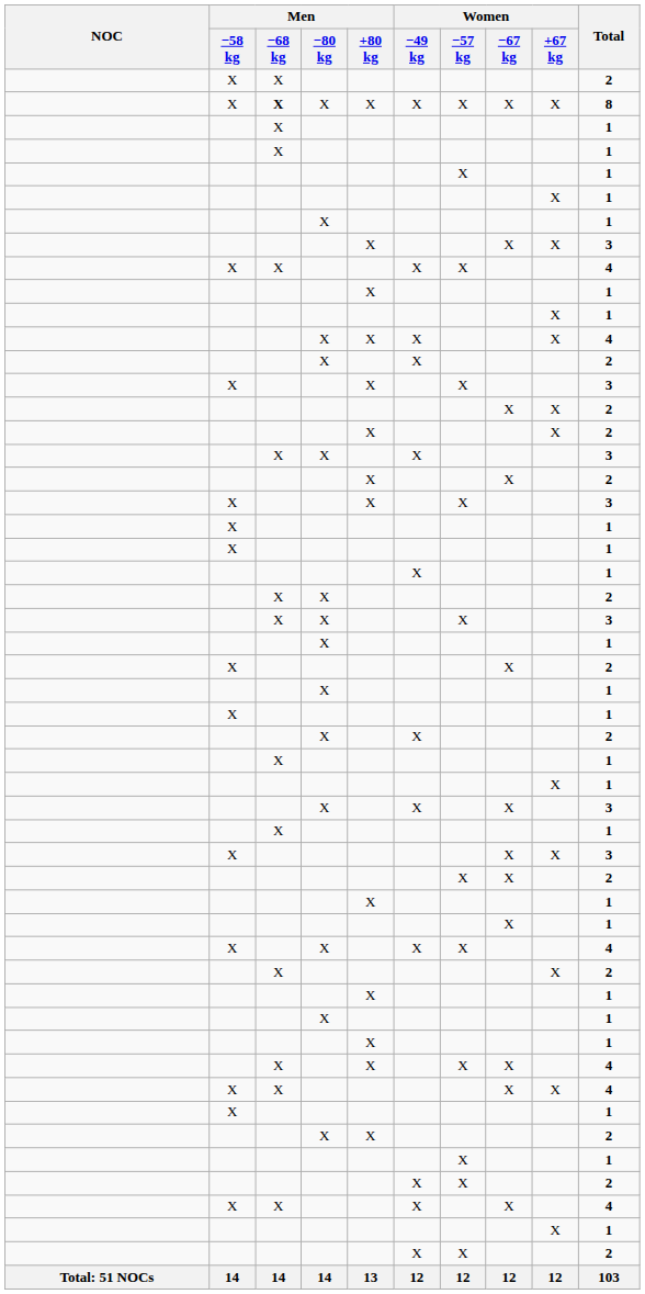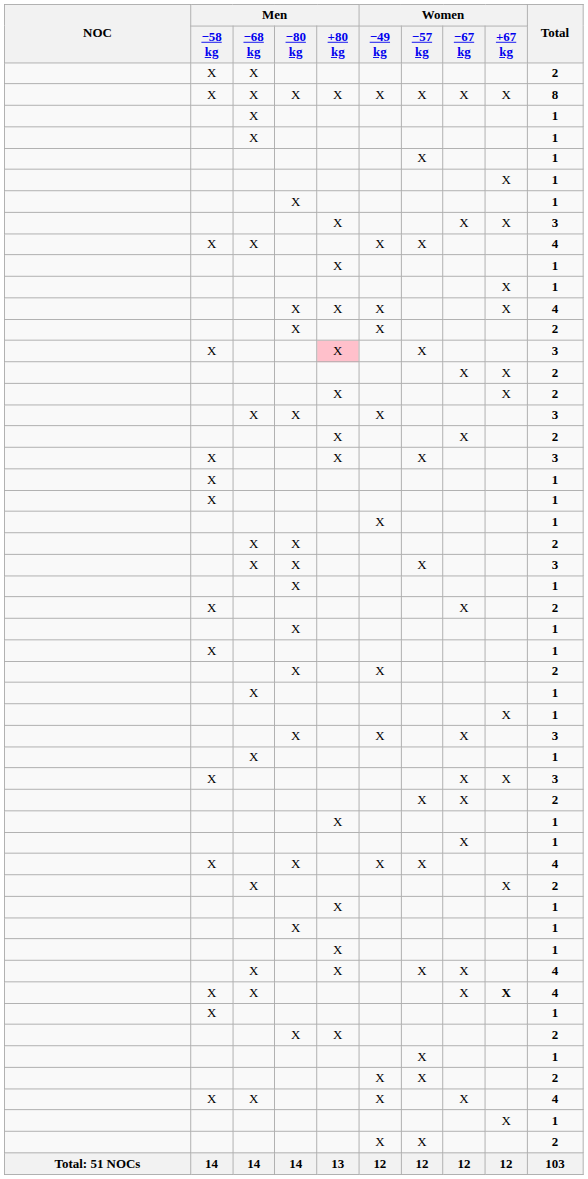 <table class="wikitable" style="text-align:center; font-size:90%">
 <tr>
 <th rowspan="2" width=200 align="left">NOC</th>
 <th colspan=4>Men</th>
 <th colspan=4>Women</th>
 <th width=55 rowspan="2">Total</th>
 </tr>
 <tr>
 <th width=40><a href='#'>−58 kg</a></th>
 <th width=40><a href='#'>−68 kg</a></th>
 <th width=40><a href='#'>−80 kg</a></th>
 <th width=40><a href='#'>+80 kg</a></th>
 <th width=40><a href='#'>−49 kg</a></th>
 <th width=40><a href='#'>−57 kg</a></th>
 <th width=40><a href='#'>−67 kg</a></th>
 <th width=40><a href='#'>+67 kg</a></th>
 </tr>
 <tr>
 <td align=left></td>
 <td>X</td>
 <td>X</td>
 <td></td>
 <td></td>
 <td></td>
 <td></td>
 <td></td>
 <td></td>
 <td><strong>2</strong></td>
 </tr>
 <tr>
 <td align=left></td>
 <td>X</td>
-<td><strong>X</strong></td>
+<td>X</td>
 <td>X</td>
 <td>X</td>
 <td>X</td>
 <td>X</td>
 <td>X</td>
 <td>X</td>
 <td><strong>8</strong></td>
 </tr>
 <tr>
 <td align=left></td>
 <td></td>
 <td>X</td>
 <td></td>
 <td></td>
 <td></td>
 <td></td>
 <td></td>
 <td></td>
 <td><strong>1</strong></td>
 </tr>
 <tr>
 <td align=left></td>
 <td></td>
 <td>X</td>
 <td></td>
 <td></td>
 <td></td>
 <td></td>
 <td></td>
 <td></td>
 <td><strong>1</strong></td>
 </tr>
 <tr>
 <td align=left></td>
 <td></td>
 <td></td>
 <td></td>
 <td></td>
 <td></td>
 <td>X</td>
 <td></td>
 <td></td>
 <td><strong>1</strong></td>
 </tr>
 <tr>
 <td align=left></td>
 <td></td>
 <td></td>
 <td></td>
 <td></td>
 <td></td>
 <td></td>
 <td></td>
 <td>X</td>
 <td><strong>1</strong></td>
 </tr>
 <tr>
 <td align=left></td>
 <td></td>
 <td></td>
 <td>X</td>
 <td></td>
 <td></td>
 <td></td>
 <td></td>
 <td></td>
 <td><strong>1</strong></td>
 </tr>
 <tr>
 <td align=left></td>
 <td></td>
 <td></td>
 <td></td>
 <td>X</td>
 <td></td>
 <td></td>
 <td>X</td>
 <td>X</td>
 <td><strong>3</strong></td>
 </tr>
 <tr>
 <td align=left></td>
 <td>X</td>
 <td>X</td>
 <td></td>
 <td></td>
 <td>X</td>
 <td>X</td>
 <td></td>
 <td></td>
 <td><strong>4</strong></td>
 </tr>
 <tr>
 <td align=left></td>
 <td></td>
 <td></td>
 <td></td>
 <td>X</td>
 <td></td>
 <td></td>
 <td></td>
 <td></td>
 <td><strong>1</strong></td>
 </tr>
 <tr>
 <td align=left></td>
 <td></td>
 <td></td>
 <td></td>
 <td></td>
 <td></td>
 <td></td>
 <td></td>
 <td>X</td>
 <td><strong>1</strong></td>
 </tr>
 <tr>
 <td align=left></td>
 <td></td>
 <td></td>
 <td>X</td>
 <td>X</td>
 <td>X</td>
 <td></td>
 <td></td>
 <td>X</td>
 <td><strong>4</strong></td>
 </tr>
 <tr>
 <td align=left></td>
 <td></td>
 <td></td>
 <td>X</td>
 <td></td>
 <td>X</td>
 <td></td>
 <td></td>
 <td></td>
 <td><strong>2</strong></td>
 </tr>
 <tr>
 <td align=left></td>
 <td>X</td>
 <td></td>
 <td></td>
-<td>X</td>
+<td style="background: pink;">X</td>
 <td></td>
 <td>X</td>
 <td></td>
 <td></td>
 <td><strong>3</strong></td>
 </tr>
 <tr>
 <td align=left></td>
 <td></td>
 <td></td>
 <td></td>
 <td></td>
 <td></td>
 <td></td>
 <td>X</td>
 <td>X</td>
 <td><strong>2</strong></td>
 </tr>
 <tr>
 <td align=left></td>
 <td></td>
 <td></td>
 <td></td>
 <td>X</td>
 <td></td>
 <td></td>
 <td></td>
 <td>X</td>
 <td><strong>2</strong></td>
 </tr>
 <tr>
 <td align=left></td>
 <td></td>
 <td>X</td>
 <td>X</td>
 <td></td>
 <td>X</td>
 <td></td>
 <td></td>
 <td></td>
 <td><strong>3</strong></td>
 </tr>
 <tr>
 <td align=left></td>
 <td></td>
 <td></td>
 <td></td>
 <td>X</td>
 <td></td>
 <td></td>
 <td>X</td>
 <td></td>
 <td><strong>2</strong></td>
 </tr>
 <tr>
 <td align=left></td>
 <td>X</td>
 <td></td>
 <td></td>
 <td>X</td>
 <td></td>
 <td>X</td>
 <td></td>
 <td></td>
 <td><strong>3</strong></td>
 </tr>
 <tr>
 <td align=left></td>
 <td>X</td>
 <td></td>
 <td></td>
 <td></td>
 <td></td>
 <td></td>
 <td></td>
 <td></td>
 <td><strong>1</strong></td>
 </tr>
 <tr>
 <td align=left></td>
 <td>X</td>
 <td></td>
 <td></td>
 <td></td>
 <td></td>
 <td></td>
 <td></td>
 <td></td>
 <td><strong>1</strong></td>
 </tr>
 <tr>
 <td align=left></td>
 <td></td>
 <td></td>
 <td></td>
 <td></td>
 <td>X</td>
 <td></td>
 <td></td>
 <td></td>
 <td><strong>1</strong></td>
 </tr>
 <tr>
 <td align=left></td>
 <td></td>
 <td>X</td>
 <td>X</td>
 <td></td>
 <td></td>
 <td></td>
 <td></td>
 <td></td>
 <td><strong>2</strong></td>
 </tr>
 <tr>
 <td align=left></td>
 <td></td>
 <td>X</td>
 <td>X</td>
 <td></td>
 <td></td>
 <td>X</td>
 <td></td>
 <td></td>
 <td><strong>3</strong></td>
 </tr>
 <tr>
 <td align=left></td>
 <td></td>
 <td></td>
 <td>X</td>
 <td></td>
 <td></td>
 <td></td>
 <td></td>
 <td></td>
 <td><strong>1</strong></td>
 </tr>
 <tr>
 <td align=left></td>
 <td>X</td>
 <td></td>
 <td></td>
 <td></td>
 <td></td>
 <td></td>
 <td>X</td>
 <td></td>
 <td><strong>2</strong></td>
 </tr>
 <tr>
 <td align=left></td>
 <td></td>
 <td></td>
 <td>X</td>
 <td></td>
 <td></td>
 <td></td>
 <td></td>
 <td></td>
 <td><strong>1</strong></td>
 </tr>
 <tr>
 <td align=left></td>
 <td>X</td>
 <td></td>
 <td></td>
 <td></td>
 <td></td>
 <td></td>
 <td></td>
 <td></td>
 <td><strong>1</strong></td>
 </tr>
 <tr>
 <td align=left></td>
 <td></td>
 <td></td>
 <td>X</td>
 <td></td>
 <td>X</td>
 <td></td>
 <td></td>
 <td></td>
 <td><strong>2</strong></td>
 </tr>
 <tr>
 <td align=left></td>
 <td></td>
 <td>X</td>
 <td></td>
 <td></td>
 <td></td>
 <td></td>
 <td></td>
 <td></td>
 <td><strong>1</strong></td>
 </tr>
 <tr>
 <td align=left></td>
 <td></td>
 <td></td>
 <td></td>
 <td></td>
 <td></td>
 <td></td>
 <td></td>
 <td>X</td>
 <td><strong>1</strong></td>
 </tr>
 <tr>
 <td align=left></td>
 <td></td>
 <td></td>
 <td>X</td>
 <td></td>
 <td>X</td>
 <td></td>
 <td>X</td>
 <td></td>
 <td><strong>3</strong></td>
 </tr>
 <tr>
 <td align=left></td>
 <td></td>
 <td>X</td>
 <td></td>
 <td></td>
 <td></td>
 <td></td>
 <td></td>
 <td></td>
 <td><strong>1</strong></td>
 </tr>
 <tr>
 <td align=left></td>
 <td>X</td>
 <td></td>
 <td></td>
 <td></td>
 <td></td>
 <td></td>
 <td>X</td>
 <td>X</td>
 <td><strong>3</strong></td>
 </tr>
 <tr>
 <td align=left></td>
 <td></td>
 <td></td>
 <td></td>
 <td></td>
 <td></td>
 <td>X</td>
 <td>X</td>
 <td></td>
 <td><strong>2</strong></td>
 </tr>
 <tr>
 <td align=left></td>
 <td></td>
 <td></td>
 <td></td>
 <td>X</td>
 <td></td>
 <td></td>
 <td></td>
 <td></td>
 <td><strong>1</strong></td>
 </tr>
 <tr>
 <td align=left></td>
 <td></td>
 <td></td>
 <td></td>
 <td></td>
 <td></td>
 <td></td>
 <td>X</td>
 <td></td>
 <td><strong>1</strong></td>
 </tr>
 <tr>
 <td align=left></td>
 <td>X</td>
 <td></td>
 <td>X</td>
 <td></td>
 <td>X</td>
 <td>X</td>
 <td></td>
 <td></td>
 <td><strong>4</strong></td>
 </tr>
 <tr>
 <td align=left></td>
 <td></td>
 <td>X</td>
 <td></td>
 <td></td>
 <td></td>
 <td></td>
 <td></td>
 <td>X</td>
 <td><strong>2</strong></td>
 </tr>
 <tr>
 <td align=left></td>
 <td></td>
 <td></td>
 <td></td>
 <td>X</td>
 <td></td>
 <td></td>
 <td></td>
 <td></td>
 <td><strong>1</strong></td>
 </tr>
 <tr>
 <td align=left></td>
 <td></td>
 <td></td>
 <td>X</td>
 <td></td>
 <td></td>
 <td></td>
 <td></td>
 <td></td>
 <td><strong>1</strong></td>
 </tr>
 <tr>
 <td align=left></td>
 <td></td>
 <td></td>
 <td></td>
 <td>X</td>
 <td></td>
 <td></td>
 <td></td>
 <td></td>
 <td><strong>1</strong></td>
 </tr>
 <tr>
 <td align=left></td>
 <td></td>
 <td>X</td>
 <td></td>
 <td>X</td>
 <td></td>
 <td>X</td>
 <td>X</td>
 <td></td>
 <td><strong>4</strong></td>
 </tr>
 <tr>
 <td align=left></td>
 <td>X</td>
 <td>X</td>
 <td></td>
 <td></td>
 <td></td>
 <td></td>
 <td>X</td>
-<td>X</td>
+<td><strong>X</strong></td>
 <td><strong>4</strong></td>
 </tr>
 <tr>
 <td align=left></td>
 <td>X</td>
 <td></td>
 <td></td>
 <td></td>
 <td></td>
 <td></td>
 <td></td>
 <td></td>
 <td><strong>1</strong></td>
 </tr>
 <tr>
 <td align=left></td>
 <td></td>
 <td></td>
 <td>X</td>
 <td>X</td>
 <td></td>
 <td></td>
 <td></td>
 <td></td>
 <td><strong>2</strong></td>
 </tr>
 <tr>
 <td align=left></td>
 <td></td>
 <td></td>
 <td></td>
 <td></td>
 <td></td>
 <td>X</td>
 <td></td>
 <td></td>
 <td><strong>1</strong></td>
 </tr>
 <tr>
 <td align=left></td>
 <td></td>
 <td></td>
 <td></td>
 <td></td>
 <td>X</td>
 <td>X</td>
 <td></td>
 <td></td>
 <td><strong>2</strong></td>
 </tr>
 <tr>
 <td align=left></td>
 <td>X</td>
 <td>X</td>
 <td></td>
 <td></td>
 <td>X</td>
 <td></td>
 <td>X</td>
 <td></td>
 <td><strong>4</strong></td>
 </tr>
 <tr>
 <td align=left></td>
 <td></td>
 <td></td>
 <td></td>
 <td></td>
 <td></td>
 <td></td>
 <td></td>
 <td>X</td>
 <td><strong>1</strong></td>
 </tr>
 <tr>
 <td align=left></td>
 <td></td>
 <td></td>
 <td></td>
 <td></td>
 <td>X</td>
 <td>X</td>
 <td></td>
 <td></td>
 <td><strong>2</strong></td>
 </tr>
 <tr>
 <th>Total: 51 NOCs</th>
 <th>14</th>
 <th>14</th>
 <th>14</th>
 <th>13</th>
 <th>12</th>
 <th>12</th>
 <th>12</th>
 <th>12</th>
 <th>103</th>
 </tr>
 </table>
